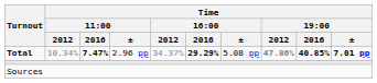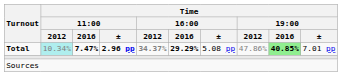 <table class="wikitable sortable" style="text-align:right;">
 <tr>
 <th rowspan="3">Turnout</th>
 <th colspan="9">Time</th>
 </tr>
 <tr>
 <th colspan="3">11:00</th>
 <th colspan="3">16:00</th>
 <th colspan="3">19:00</th>
 </tr>
 <tr>
 <th>2012</th>
 <th>2016</th>
 <th>±</th>
 <th>2012</th>
 <th>2016</th>
 <th>±</th>
 <th>2012</th>
 <th>2016</th>
 <th>±</th>
 </tr>
 <tr>
 <td align="left"><strong>Total</strong></td>
-<td style="color:gray;">10.34%</td>
+<td style="background: paleturquoise; color:gray;">10.34%</td>
 <td><strong>7.47%</strong></td>
-<td> 2.96 <a href='#'>pp</a></td>
-<td style="color:gray;">34.37%</td>
+<td><strong> 2.96 <a href='#'>pp</a></strong></td>
+<td style="color:gray;"><strong>34.37%</strong></td>
 <td><strong>29.29%</strong></td>
 <td> 5.08 <a href='#'>pp</a></td>
-<td style="color:gray;"><strong>47.86%</strong></td>
-<td><strong>40.85%</strong></td>
-<td><strong> 7.01 <a href='#'>pp</a></strong></td>
+<td style="color:gray;">47.86%</td>
+<td style="background: lightgreen;"><strong>40.85%</strong></td>
+<td> 7.01 <a href='#'>pp</a></td>
 </tr>
 <tr>
 <td colspan="10" bgcolor="#E9E9E9"></td>
 </tr>
 <tr>
 <td align="left" colspan="10">Sources</td>
 </tr>
 </table>
